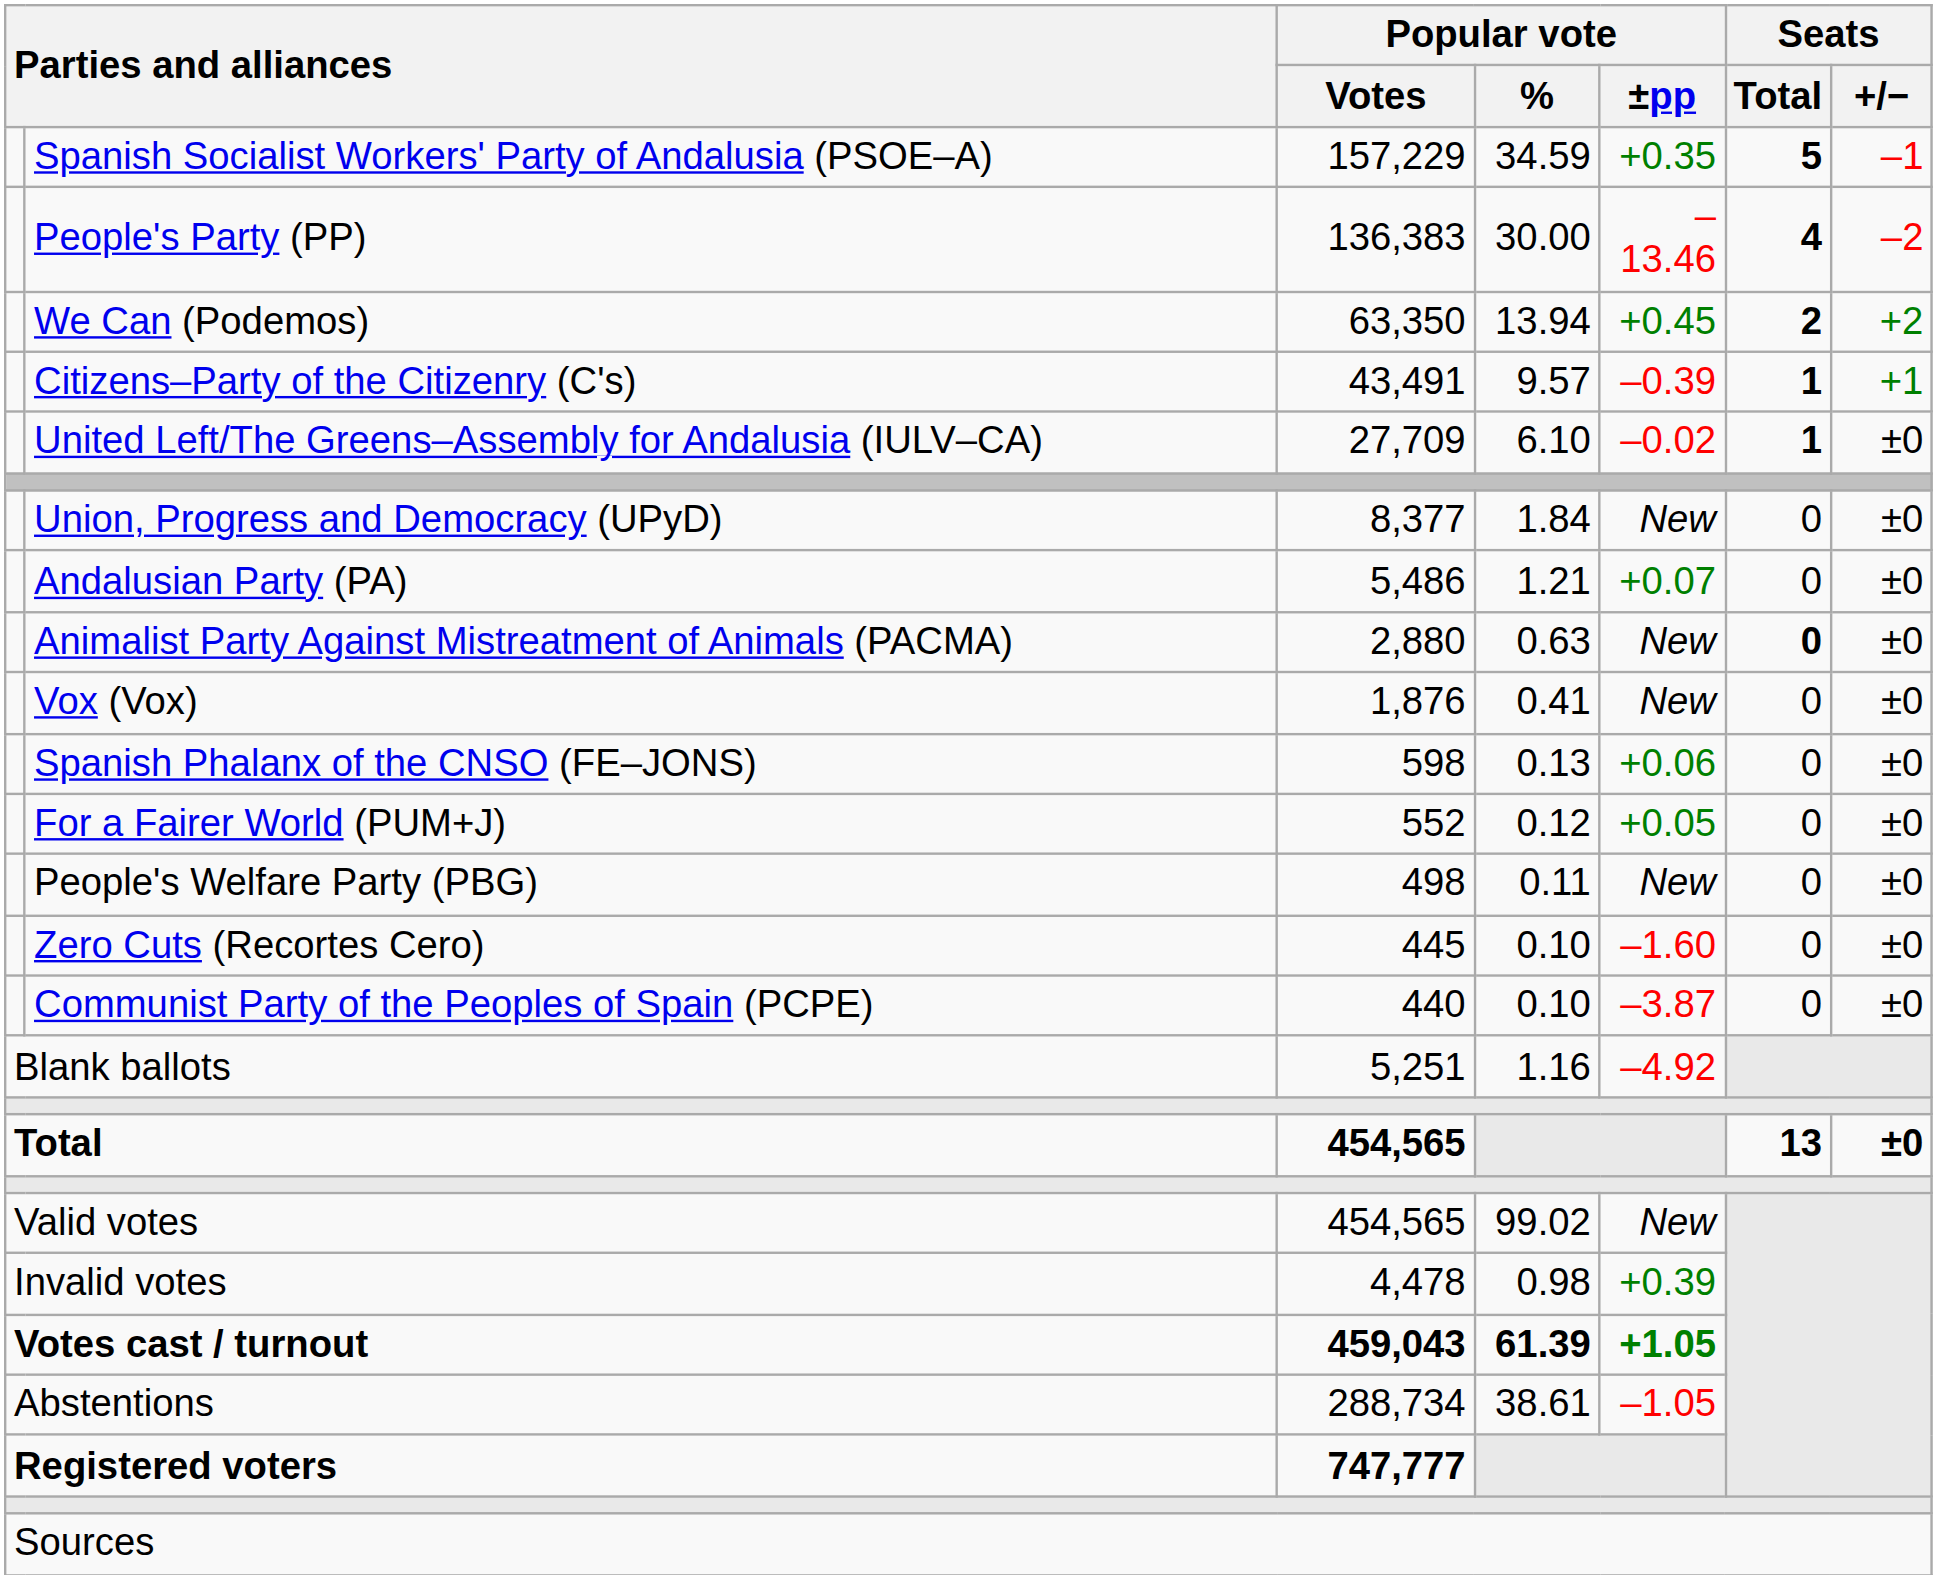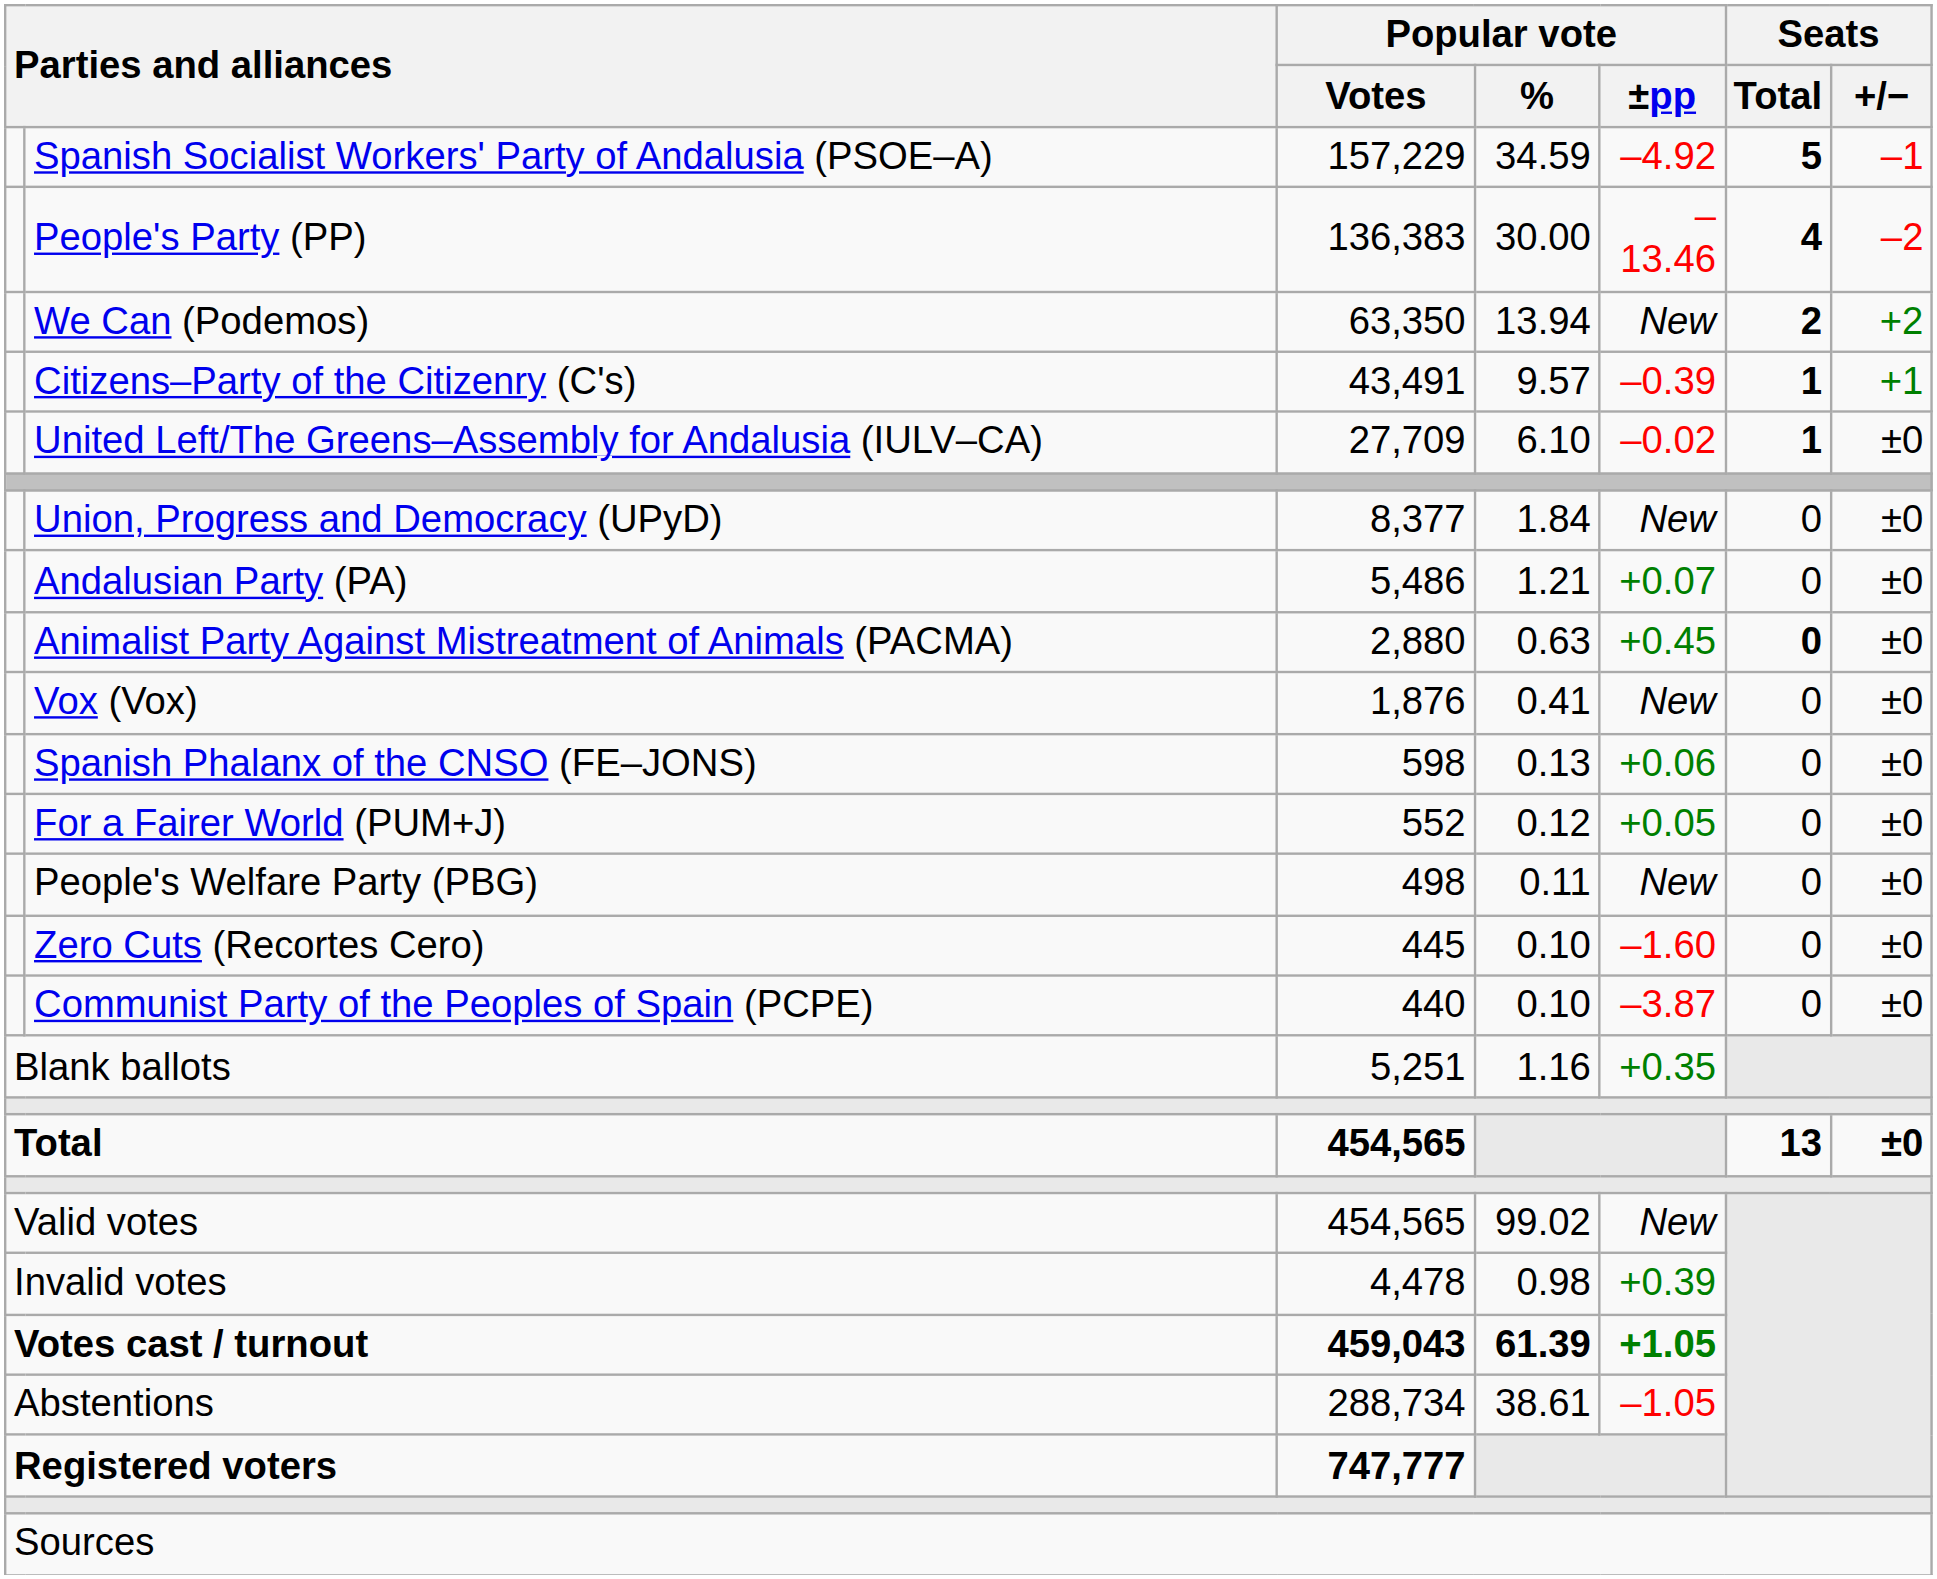 <table class="wikitable" style="text-align:right;">
 <tr>
 <th style="text-align:left;" rowspan="2" colspan="2" width="525">Parties and alliances</th>
 <th colspan="3">Popular vote</th>
 <th colspan="2">Seats</th>
 </tr>
 <tr>
 <th width="75">Votes</th>
 <th width="45">%</th>
 <th width="45">±<a href='#'>pp</a></th>
 <th width="35">Total</th>
 <th width="35">+/−</th>
 </tr>
 <tr>
 <td width="1" style="color:inherit;background:"></td>
 <td align="left"><a href='#'>Spanish Socialist Workers' Party of Andalusia</a> (PSOE–A)</td>
 <td>157,229</td>
 <td>34.59</td>
-<td style="color:green;">+0.35</td>
+<td style="color:red;">–4.92</td>
 <td><strong>5</strong></td>
 <td style="color:red;">–1</td>
 </tr>
 <tr>
 <td style="color:inherit;background:"></td>
 <td align="left"><a href='#'>People's Party</a> (PP)</td>
 <td>136,383</td>
 <td>30.00</td>
 <td style="color:red;">–13.46</td>
 <td><strong>4</strong></td>
 <td style="color:red;">–2</td>
 </tr>
 <tr>
 <td style="color:inherit;background:"></td>
 <td align="left"><a href='#'>We Can</a> (Podemos)</td>
 <td>63,350</td>
 <td>13.94</td>
-<td style="color:green;">+0.45</td>
+<td><em>New</em></td>
 <td><strong>2</strong></td>
 <td style="color:green;">+2</td>
 </tr>
 <tr>
 <td style="color:inherit;background:"></td>
 <td align="left"><a href='#'>Citizens–Party of the Citizenry</a> (C's)</td>
 <td>43,491</td>
 <td>9.57</td>
 <td style="color:red;">–0.39</td>
 <td><strong>1</strong></td>
 <td style="color:green;">+1</td>
 </tr>
 <tr>
 <td style="color:inherit;background:"></td>
 <td align="left"><a href='#'>United Left/The Greens–Assembly for Andalusia</a> (IULV–CA)</td>
 <td>27,709</td>
 <td>6.10</td>
 <td style="color:red;">–0.02</td>
 <td><strong>1</strong></td>
 <td>±0</td>
 </tr>
 <tr>
 <td colspan="7" bgcolor="#C0C0C0"></td>
 </tr>
 <tr>
 <td style="color:inherit;background:"></td>
 <td align="left"><a href='#'>Union, Progress and Democracy</a> (UPyD)</td>
 <td>8,377</td>
 <td>1.84</td>
 <td><em>New</em></td>
 <td>0</td>
 <td>±0</td>
 </tr>
 <tr>
 <td style="color:inherit;background:"></td>
 <td align="left"><a href='#'>Andalusian Party</a> (PA)</td>
 <td>5,486</td>
 <td>1.21</td>
 <td style="color:green;">+0.07</td>
 <td>0</td>
 <td>±0</td>
 </tr>
 <tr>
 <td style="color:inherit;background:"></td>
 <td align="left"><a href='#'>Animalist Party Against Mistreatment of Animals</a> (PACMA)</td>
 <td>2,880</td>
 <td>0.63</td>
-<td><em>New</em></td>
+<td style="color:green;">+0.45</td>
 <td><strong>0</strong></td>
 <td>±0</td>
 </tr>
 <tr>
 <td style="color:inherit;background:"></td>
 <td align="left"><a href='#'>Vox</a> (Vox)</td>
 <td>1,876</td>
 <td>0.41</td>
 <td><em>New</em></td>
 <td>0</td>
 <td>±0</td>
 </tr>
 <tr>
 <td style="color:inherit;background:"></td>
 <td align="left"><a href='#'>Spanish Phalanx of the CNSO</a> (FE–JONS)</td>
 <td>598</td>
 <td>0.13</td>
 <td style="color:green;">+0.06</td>
 <td>0</td>
 <td>±0</td>
 </tr>
 <tr>
 <td style="color:inherit;background:"></td>
 <td align="left"><a href='#'>For a Fairer World</a> (PUM+J)</td>
 <td>552</td>
 <td>0.12</td>
 <td style="color:green;">+0.05</td>
 <td>0</td>
 <td>±0</td>
 </tr>
 <tr>
 <td style="color:inherit;background:"></td>
 <td align="left">People's Welfare Party (PBG)</td>
 <td>498</td>
 <td>0.11</td>
 <td><em>New</em></td>
 <td>0</td>
 <td>±0</td>
 </tr>
 <tr>
 <td style="color:inherit;background:"></td>
 <td align="left"><a href='#'>Zero Cuts</a> (Recortes Cero)</td>
 <td>445</td>
 <td>0.10</td>
 <td style="color:red;">–1.60</td>
 <td>0</td>
 <td>±0</td>
 </tr>
 <tr>
 <td style="color:inherit;background:"></td>
 <td align="left"><a href='#'>Communist Party of the Peoples of Spain</a> (PCPE)</td>
 <td>440</td>
 <td>0.10</td>
 <td style="color:red;">–3.87</td>
 <td>0</td>
 <td>±0</td>
 </tr>
 <tr>
 <td align="left" colspan="2">Blank ballots</td>
 <td>5,251</td>
 <td>1.16</td>
-<td style="color:red;">–4.92</td>
+<td style="color:green;">+0.35</td>
 <td bgcolor="#E9E9E9" colspan="2"></td>
 </tr>
 <tr>
 <td colspan="7" bgcolor="#E9E9E9"></td>
 </tr>
 <tr style="font-weight:bold;">
 <td align="left" colspan="2">Total</td>
 <td>454,565</td>
 <td bgcolor="#E9E9E9" colspan="2"></td>
 <td>13</td>
 <td>±0</td>
 </tr>
 <tr>
 <td colspan="7" bgcolor="#E9E9E9"></td>
 </tr>
 <tr>
 <td align="left" colspan="2">Valid votes</td>
 <td>454,565</td>
 <td>99.02</td>
 <td><em>New</em></td>
 <td bgcolor="#E9E9E9" colspan="2" rowspan="5"></td>
 </tr>
 <tr>
 <td align="left" colspan="2">Invalid votes</td>
 <td>4,478</td>
 <td>0.98</td>
 <td style="color:green;">+0.39</td>
 </tr>
 <tr style="font-weight:bold;">
 <td align="left" colspan="2">Votes cast / turnout</td>
 <td>459,043</td>
 <td>61.39</td>
 <td style="color:green;">+1.05</td>
 </tr>
 <tr>
 <td align="left" colspan="2">Abstentions</td>
 <td>288,734</td>
 <td>38.61</td>
 <td style="color:red;">–1.05</td>
 </tr>
 <tr style="font-weight:bold;">
 <td align="left" colspan="2">Registered voters</td>
 <td>747,777</td>
 <td style="background:#e9e9e9;" colspan="2"></td>
 </tr>
 <tr>
 <td colspan="7" bgcolor="#E9E9E9"></td>
 </tr>
 <tr>
 <td align="left" colspan="7">Sources</td>
 </tr>
 </table>
